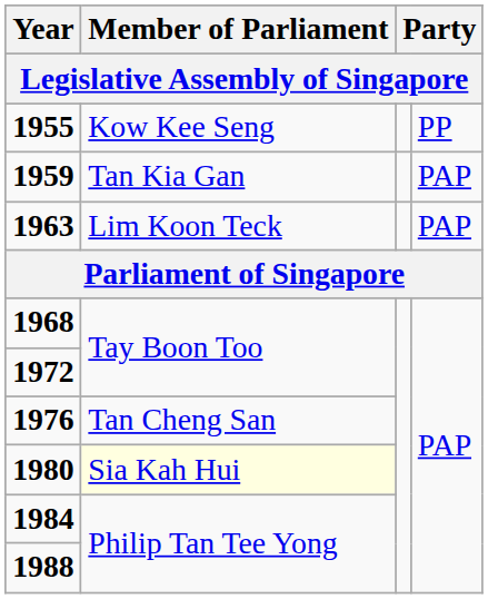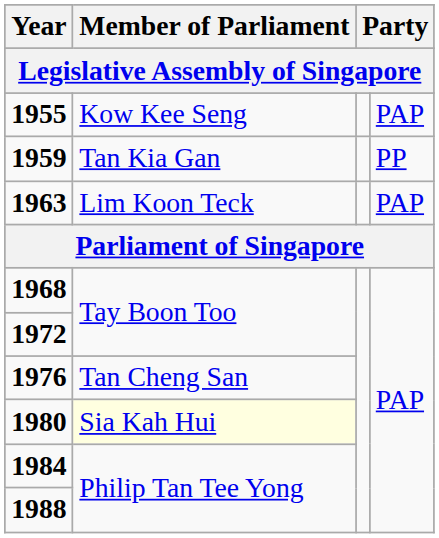 <table class="wikitable">
 <tr>
 <th>Year</th>
 <th>Member of Parliament</th>
 <th colspan="2">Party</th>
 </tr>
 <tr>
 <th colspan="4"><a href='#'>Legislative Assembly of Singapore</a></th>
 </tr>
 <tr>
 <td><strong>1955</strong></td>
 <td><a href='#'>Kow Kee Seng</a></td>
 <td></td>
-<td><a href='#'>PP</a></td>
+<td><a href='#'>PAP</a></td>
 </tr>
 <tr>
 <td><strong>1959</strong></td>
 <td><a href='#'>Tan Kia Gan</a></td>
 <td></td>
-<td><a href='#'>PAP</a></td>
+<td><a href='#'>PP</a></td>
 </tr>
 <tr>
 <td><strong>1963</strong></td>
 <td><a href='#'>Lim Koon Teck</a></td>
 <td></td>
 <td><a href='#'>PAP</a></td>
 </tr>
 <tr>
 <th colspan="4"><a href='#'>Parliament of Singapore</a></th>
 </tr>
 <tr>
 <td><strong>1968</strong></td>
 <td rowspan="2"><a href='#'>Tay Boon Too</a></td>
 <td rowspan="6"></td>
 <td rowspan="6"><a href='#'>PAP</a></td>
 </tr>
 <tr>
 <td><strong>1972</strong></td>
 </tr>
 <tr>
 <td><strong>1976</strong></td>
 <td><a href='#'>Tan Cheng San</a></td>
 </tr>
 <tr>
 <td><strong>1980</strong></td>
 <td style="background: lightyellow;"><a href='#'>Sia Kah Hui</a></td>
 </tr>
 <tr>
 <td><strong>1984</strong></td>
 <td rowspan="2"><a href='#'>Philip Tan Tee Yong</a></td>
 </tr>
 <tr>
 <td><strong>1988</strong></td>
 </tr>
 </table>
